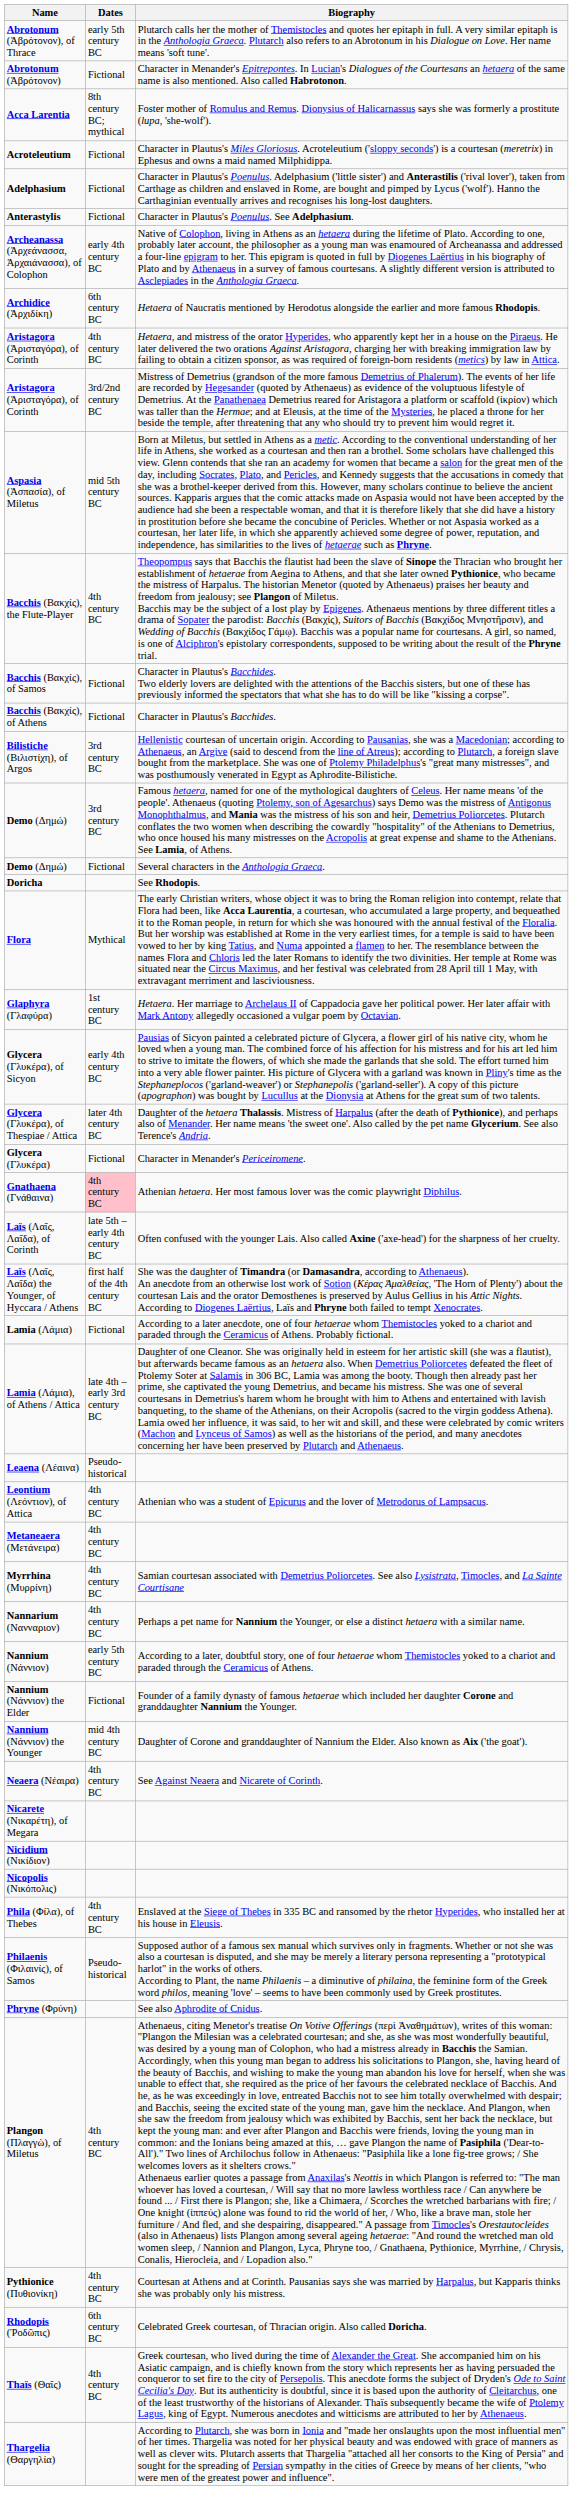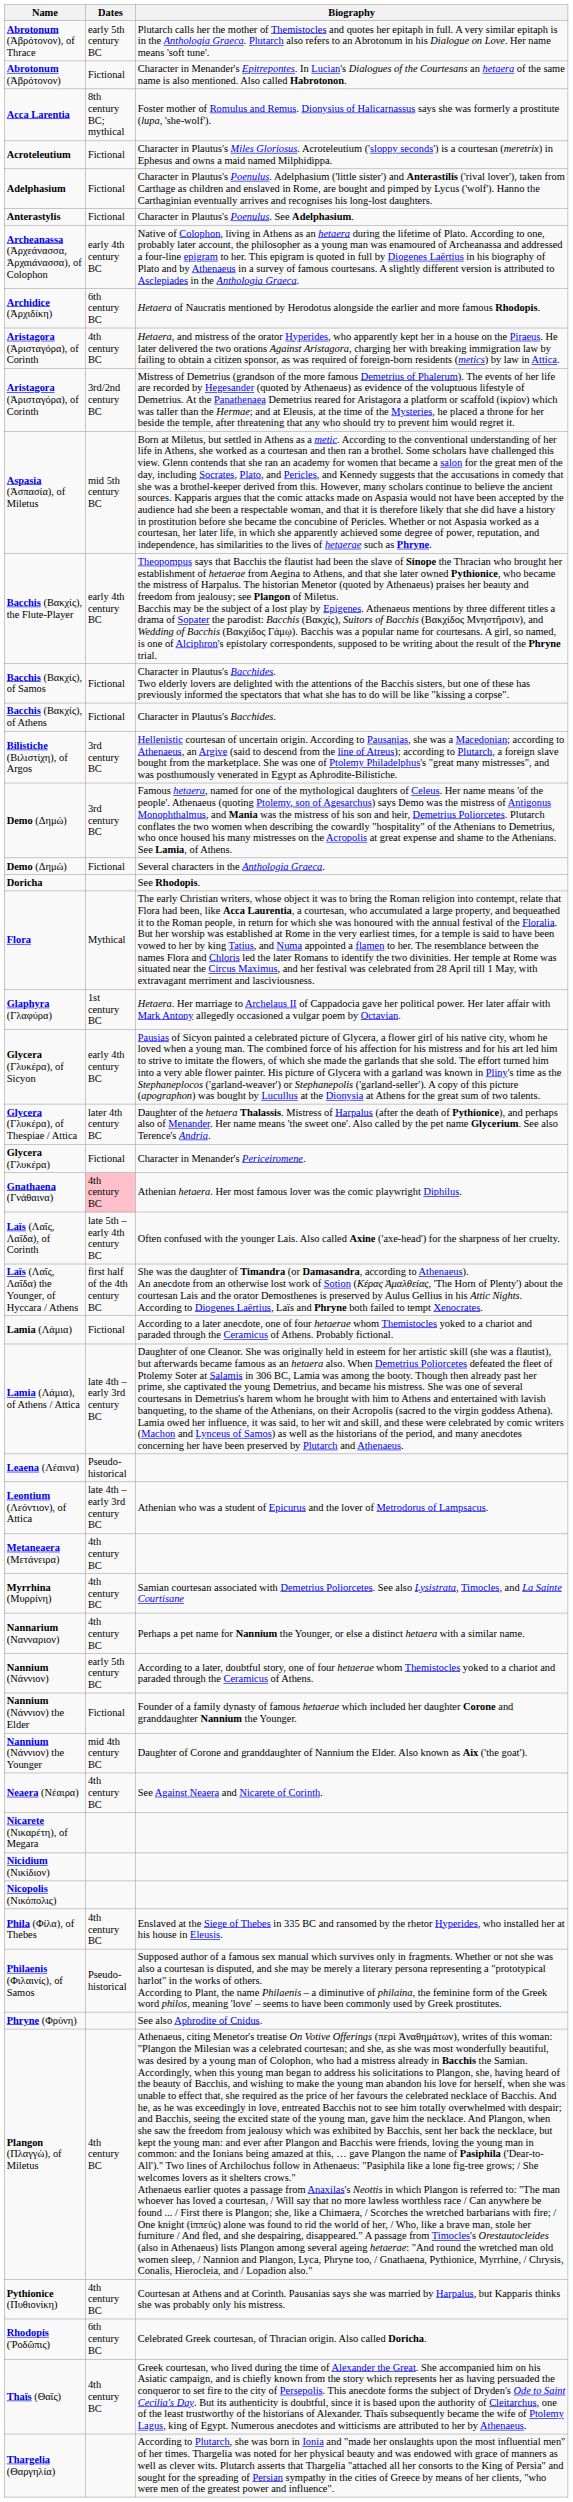 <table class="wikitable">
 <tr>
 <th>Name</th>
 <th>Dates</th>
 <th>Biography</th>
 </tr>
 <tr>
 <td><strong><a href='#'>Abrotonum</a></strong> (Ἀβρότονον), of Thrace</td>
 <td>early 5th century BC</td>
 <td>Plutarch calls her the mother of <a href='#'>Themistocles</a> and quotes her epitaph in full. A very similar epitaph is in the <em><a href='#'>Anthologia Graeca</a>.</em> <a href='#'>Plutarch</a> also refers to an Abrotonum in his <em>Dialogue on Love</em>. Her name means 'soft tune'.</td>
 </tr>
 <tr>
 <td><strong><a href='#'>Abrotonum</a></strong> (Ἀβρότονον)</td>
 <td>Fictional</td>
 <td>Character in Menander's <em><a href='#'>Epitrepontes</a>.</em> In <a href='#'>Lucian</a>'s <em>Dialogues of the Courtesans</em> an <em><a href='#'>hetaera</a></em> of the same name is also mentioned. Also called <strong>Habrotonon</strong>.</td>
 </tr>
 <tr>
 <td><strong><a href='#'>Acca Larentia</a></strong></td>
 <td>8th century BC; mythical</td>
 <td>Foster mother of <a href='#'>Romulus and Remus</a>. <a href='#'>Dionysius of Halicarnassus</a> says she was formerly a prostitute (<em>lupa</em>, 'she-wolf').</td>
 </tr>
 <tr>
 <td><strong>Acroteleutium</strong></td>
 <td>Fictional</td>
 <td>Character in Plautus's <a href='#'><em>Miles Gloriosus</em></a>. Acroteleutium ('<a href='#'>sloppy seconds</a>') is a courtesan (<em>meretrix</em>) in Ephesus and owns a maid named Milphidippa.</td>
 </tr>
 <tr>
 <td><strong>Adelphasium</strong></td>
 <td>Fictional</td>
 <td>Character in Plautus's <em><a href='#'>Poenulus</a></em>. Adelphasium ('little sister') and <strong>Anterastilis</strong> ('rival lover'), taken from Carthage as children and enslaved in Rome, are bought and pimped by Lycus ('wolf'). Hanno the Carthaginian eventually arrives and recognises his long-lost daughters.</td>
 </tr>
 <tr>
 <td><strong>Anterastylis</strong></td>
 <td>Fictional</td>
 <td>Character in Plautus's <em><a href='#'>Poenulus</a></em>. See <strong>Adelphasium</strong>.</td>
 </tr>
 <tr>
 <td><strong><a href='#'>Archeanassa</a></strong> (Ἀρχεάνασσα, Ἀρχαιάνασσα), of Colophon</td>
 <td>early 4th century BC</td>
 <td>Native of <a href='#'>Colophon</a>, living in Athens as an <em><a href='#'>hetaera</a></em> during the lifetime of Plato. According to one, probably later account, the philosopher as a young man was enamoured of Archeanassa and addressed a four-line <a href='#'>epigram</a> to her. This epigram is quoted in full by <a href='#'>Diogenes Laërtius</a> in his biography of Plato and by <a href='#'>Athenaeus</a> in a survey of famous courtesans. A slightly different version is attributed to <a href='#'>Asclepiades</a> in the <em><a href='#'>Anthologia Graeca</a></em>.</td>
 </tr>
 <tr>
 <td><strong><a href='#'>Archidice</a></strong> (Ἀρχιδίκη)</td>
 <td>6th century BC</td>
 <td><em>Hetaera</em> of Naucratis mentioned by Herodotus alongside the earlier and more famous <strong>Rhodopis</strong>.</td>
 </tr>
 <tr>
 <td><strong><a href='#'>Aristagora</a></strong> (Ἀρισταγόρα), of Corinth</td>
 <td>4th century BC</td>
 <td><em>Hetaera</em>, and mistress of the orator <a href='#'>Hyperides</a>, who apparently kept her in a house on the <a href='#'>Piraeus</a>. He later delivered the two orations <em>Against Aristagora</em>, charging her with breaking immigration law by failing to obtain a citizen sponsor, as was required of foreign-born residents (<em><a href='#'>metics</a></em>) by law in <a href='#'>Attica</a>.</td>
 </tr>
 <tr>
 <td><strong><a href='#'>Aristagora</a></strong> (Ἀρισταγόρα), of Corinth</td>
 <td>3rd/2nd century BC</td>
 <td>Mistress of Demetrius (grandson of the more famous <a href='#'>Demetrius of Phalerum</a>). The events of her life are recorded by <a href='#'>Hegesander</a> (quoted by Athenaeus) as evidence of the voluptuous lifestyle of Demetrius. At the <a href='#'>Panathenaea</a> Demetrius reared for Aristagora a platform or scaffold (ἰκρίον) which was taller than the <em>Hermae</em>; and at Eleusis, at the time of the <a href='#'>Mysteries</a>, he placed a throne for her beside the temple, after threatening that any who should try to prevent him would regret it.</td>
 </tr>
 <tr>
 <td><strong><a href='#'>Aspasia</a></strong> (Ἀσπασία), of Miletus</td>
 <td>mid 5th century BC</td>
 <td>Born at Miletus, but settled in Athens as a <em><a href='#'>metic</a></em>. According to the conventional understanding of her life in Athens, she worked as a courtesan and then ran a brothel. Some scholars have challenged this view. Glenn contends that she ran an academy for women that became a <a href='#'>salon</a> for the great men of the day, including <a href='#'>Socrates</a>, <a href='#'>Plato</a>, and <a href='#'>Pericles</a>, and Kennedy suggests that the accusations in comedy that she was a brothel-keeper derived from this. However, many scholars continue to believe the ancient sources. Kapparis argues that the comic attacks made on Aspasia would not have been accepted by the audience had she been a respectable woman, and that it is therefore likely that she did have a history in prostitution before she became the concubine of Pericles. Whether or not Aspasia worked as a courtesan, her later life, in which she apparently achieved some degree of power, reputation, and independence, has similarities to the lives of <em><a href='#'>hetaerae</a></em> such as <strong><a href='#'>Phryne</a></strong>.</td>
 </tr>
 <tr>
 <td><a href='#'><strong>Bacchis</strong></a> (Βακχίς), the Flute-Player</td>
-<td>4th century BC</td>
+<td>early 4th century BC</td>
 <td><a href='#'>Theopompus</a> says that Bacchis the flautist had been the slave of <strong>Sinope</strong> the Thracian who brought her establishment of <em>hetaerae</em> from Aegina to Athens, and that she later owned <strong>Pythionice</strong>, who became the mistress of Harpalus. The historian Menetor (quoted by Athenaeus) praises her beauty and freedom from jealousy; see <strong>Plangon</strong> of Miletus. <br>Bacchis may be the subject of a lost play by <a href='#'>Epigenes</a>. Athenaeus mentions by three different titles a drama of <a href='#'>Sopater</a> the parodist: <em>Bacchis</em> (Βακχίς), <em>Suitors of Bacchis</em> (Βακχίδος Μνηστῆρσιν), and <em>Wedding of Bacchis</em> (Βακχίδος Γάμῳ). Bacchis was a popular name for courtesans. A girl, so named, is one of <a href='#'>Alciphron</a>'s epistolary correspondents, supposed to be writing about the result of the <strong>Phryne</strong> trial.</td>
 </tr>
 <tr>
 <td><a href='#'><strong>Bacchis</strong></a> (Βακχίς), of Samos</td>
 <td>Fictional</td>
 <td>Character in Plautus's <em><a href='#'>Bacchides</a></em>.<br>Two elderly lovers are delighted with the attentions of the Bacchis sisters, but one of these has previously informed the spectators that what she has to do will be like "kissing a corpse".</td>
 </tr>
 <tr>
 <td><a href='#'><strong>Bacchis</strong></a> (Βακχίς), of Athens</td>
 <td>Fictional</td>
 <td>Character in Plautus's <em>Bacchides</em>.</td>
 </tr>
 <tr>
 <td><strong><a href='#'>Bilistiche</a></strong> (Βιλιστίχη), of Argos</td>
 <td>3rd century BC</td>
 <td><a href='#'>Hellenistic</a> courtesan of uncertain origin. According to <a href='#'>Pausanias</a>, she was a <a href='#'>Macedonian</a>; according to <a href='#'>Athenaeus</a>, an <a href='#'>Argive</a> (said to descend from the <a href='#'>line of Atreus</a>); according to <a href='#'>Plutarch</a>, a foreign slave bought from the marketplace. She was one of <a href='#'>Ptolemy Philadelphus</a>'s "great many mistresses", and was posthumously venerated in Egypt as Aphrodite-Bilistiche.</td>
 </tr>
 <tr>
 <td><strong>Demo</strong> (Δημώ)</td>
 <td>3rd century BC</td>
 <td>Famous <a href='#'><em>hetaera</em></a>, named for one of the mythological daughters of <a href='#'>Celeus</a>. Her name means 'of the people'. Athenaeus (quoting <a href='#'>Ptolemy, son of Agesarchus</a>) says Demo was the mistress of <a href='#'>Antigonus Monophthalmus</a>, and <strong>Mania</strong> was the mistress of his son and heir, <a href='#'>Demetrius Poliorcetes</a>. Plutarch conflates the two women when describing the cowardly "hospitality" of the Athenians to Demetrius, who once housed his many mistresses on the <a href='#'>Acropolis</a> at great expense and shame to the Athenians. See <strong>Lamia</strong>, of Athens.</td>
 </tr>
 <tr>
 <td><strong>Demo</strong> (Δημώ)</td>
 <td>Fictional</td>
 <td>Several characters in the <em><a href='#'>Anthologia Graeca</a></em>.</td>
 </tr>
 <tr>
 <td><strong>Doricha</strong></td>
 <td></td>
 <td>See <strong>Rhodopis</strong>.</td>
 </tr>
 <tr>
 <td><strong><a href='#'>Flora</a></strong></td>
 <td>Mythical</td>
 <td>The early Christian writers, whose object it was to bring the Roman religion into contempt, relate that Flora had been, like <strong>Acca Laurentia</strong>, a courtesan, who accumulated a large property, and bequeathed it to the Roman people, in return for which she was honoured with the annual festival of the <a href='#'>Floralia</a>. But her worship was established at Rome in the very earliest times, for a temple is said to have been vowed to her by king <a href='#'>Tatius</a>, and <a href='#'>Numa</a> appointed a <a href='#'>flamen</a> to her. The resemblance between the names Flora and <a href='#'>Chloris</a> led the later Romans to identify the two divinities. Her temple at Rome was situated near the <a href='#'>Circus Maximus</a>, and her festival was celebrated from 28 April till 1 May, with extravagant merriment and lasciviousness.</td>
 </tr>
 <tr>
 <td><a href='#'><strong>Glaphyra</strong></a> (Γλαφύρα)</td>
 <td>1st century BC</td>
 <td><em>Hetaera</em>. Her marriage to <a href='#'>Archelaus II</a> of Cappadocia gave her political power. Her later affair with <a href='#'>Mark Antony</a> allegedly occasioned a vulgar poem by <a href='#'>Octavian</a>.</td>
 </tr>
 <tr>
 <td><strong>Glycera</strong> (Γλυκέρα), of Sicyon</td>
 <td>early 4th century BC</td>
 <td><a href='#'>Pausias</a> of Sicyon painted a celebrated picture of Glycera, a flower girl of his native city, whom he loved when a young man. The combined force of his affection for his mistress and for his art led him to strive to imitate the flowers, of which she made the garlands that she sold. The effort turned him into a very able flower painter. His picture of Glycera with a garland was known in <a href='#'>Pliny</a>'s time as the <em>Stephaneplocos</em> ('garland-weaver') or <em>Stephanepolis</em> ('garland-seller'). A copy of this picture (<em>apographon</em>) was bought by <a href='#'>Lucullus</a> at the <a href='#'>Dionysia</a> at Athens for the great sum of two talents.</td>
 </tr>
 <tr>
 <td><strong><a href='#'>Glycera</a></strong> (Γλυκέρα), of Thespiae / Attica</td>
 <td>later 4th century BC</td>
 <td>Daughter of the <em>hetaera</em> <strong>Thalassis</strong>. Mistress of <a href='#'>Harpalus</a> (after the death of <strong>Pythionice</strong>), and perhaps also of <a href='#'>Menander</a>. Her name means 'the sweet one'. Also called by the pet name <strong>Glycerium</strong>. See also Terence's <a href='#'><em>Andria</em></a>.</td>
 </tr>
 <tr>
 <td><strong>Glycera</strong> (Γλυκέρα)</td>
 <td>Fictional</td>
 <td>Character in Menander's <em><a href='#'>Periceiromene</a></em>.</td>
 </tr>
 <tr>
 <td><strong><a href='#'>Gnathaena</a></strong> (Γνάθαινα)</td>
 <td style="background: pink;">4th century BC</td>
 <td>Athenian <em>hetaera</em>. Her most famous lover was the comic playwright <a href='#'>Diphilus</a>.</td>
 </tr>
 <tr>
 <td><a href='#'><strong>Laïs</strong></a> (Λαΐς, Λαΐδα), of Corinth</td>
 <td>late 5th – early 4th century BC</td>
 <td>Often confused with the younger Lais. Also called <strong>Axine</strong> ('axe-head') for the sharpness of her cruelty.</td>
 </tr>
 <tr>
 <td><a href='#'><strong>Laïs</strong></a> (Λαΐς, Λαΐδα) the Younger, of Hyccara / Athens</td>
 <td>first half of the 4th century BC</td>
 <td>She was the daughter of <strong>Timandra</strong> (or <strong>Damasandra</strong>, according to <a href='#'>Athenaeus</a>). <br>An anecdote from an otherwise lost work of <a href='#'>Sotion</a> (<em>Κέρας Ἀμαλθείας</em>, 'The Horn of Plenty') about the courtesan Lais and the orator Demosthenes is preserved by Aulus Gellius in his <em>Attic Nights</em>.  According to <a href='#'>Diogenes Laërtius</a>, Laïs and <strong>Phryne</strong> both failed to tempt <a href='#'>Xenocrates</a>.</td>
 </tr>
 <tr>
 <td><strong>Lamia</strong> (Λάμια)</td>
 <td>Fictional</td>
 <td>According to a later anecdote, one of four <em>hetaerae</em> whom <a href='#'>Themistocles</a> yoked to a chariot and paraded through the <a href='#'>Ceramicus</a> of Athens. Probably fictional.</td>
 </tr>
 <tr>
 <td><strong><a href='#'>Lamia</a></strong> (Λάμια), of Athens / Attica</td>
 <td>late 4th – early 3rd century BC</td>
 <td>Daughter of one Cleanor. She was originally held in esteem for her artistic skill (she was a flautist), but afterwards became famous as an <em>hetaera</em> also. When <a href='#'>Demetrius Poliorcetes</a> defeated the fleet of Ptolemy Soter at <a href='#'>Salamis</a> in 306 BC, Lamia was among the booty. Though then already past her prime, she captivated the young Demetrius, and became his mistress. She was one of several courtesans in Demetrius's harem whom he brought with him to Athens and entertained with lavish banqueting, to the shame of the Athenians, on their Acropolis (sacred to the virgin goddess Athena). <br>Lamia owed her influence, it was said, to her wit and skill, and these were celebrated by comic writers (<a href='#'>Machon</a> and <a href='#'>Lynceus of Samos</a>) as well as the historians of the period, and many anecdotes concerning her have been preserved by <a href='#'>Plutarch</a> and <a href='#'>Athenaeus</a>.</td>
 </tr>
 <tr>
 <td><strong><a href='#'>Leaena</a></strong> (Λέαινα)</td>
 <td>Pseudo-historical</td>
 <td></td>
 </tr>
 <tr>
 <td><strong><a href='#'>Leontium</a></strong> (Λεόντιον), of Attica</td>
-<td>4th century BC</td>
+<td>late 4th – early 3rd century BC</td>
 <td>Athenian  who was a student of <a href='#'>Epicurus</a> and the lover of <a href='#'>Metrodorus of Lampsacus</a>.</td>
 </tr>
 <tr>
 <td><strong><a href='#'>Metaneaera</a></strong> (Μετάνειρα)</td>
 <td>4th century BC</td>
 <td></td>
 </tr>
 <tr>
 <td><strong>Myrrhina</strong> (Μυρρίνη)</td>
 <td>4th century BC</td>
 <td>Samian courtesan associated with <a href='#'>Demetrius Poliorcetes</a>. See also <em><a href='#'>Lysistrata</a></em>, <a href='#'>Timocles</a>, and <em><a href='#'>La Sainte Courtisane</a></em></td>
 </tr>
 <tr>
 <td><strong>Nannarium</strong> (Νανναριον)</td>
 <td>4th century BC</td>
 <td>Perhaps a pet name for <strong>Nannium</strong> the Younger, or else a distinct <em>hetaera</em> with a similar name.</td>
 </tr>
 <tr>
 <td><strong>Nannium</strong> (Νάννιον)</td>
 <td>early 5th century BC</td>
 <td>According to a later, doubtful story, one of four <em>hetaerae</em> whom <a href='#'>Themistocles</a> yoked to a chariot and paraded through the <a href='#'>Ceramicus</a> of Athens.</td>
 </tr>
 <tr>
 <td><strong>Nannium</strong> (Νάννιον) the Elder</td>
 <td>Fictional</td>
 <td>Founder of a family dynasty of famous <em>hetaerae</em> which included her daughter <strong>Corone</strong> and granddaughter <strong>Nannium</strong> the Younger.</td>
 </tr>
 <tr>
 <td><strong><a href='#'>Nannium</a></strong> (Νάννιον) the Younger</td>
 <td>mid 4th century BC</td>
 <td>Daughter of Corone and granddaughter of Nannium the Elder. Also known as <strong>Aix</strong> ('the goat').</td>
 </tr>
 <tr>
 <td><a href='#'><strong>Neaera</strong></a> (Νέαιρα)</td>
 <td>4th century BC</td>
 <td>See <a href='#'>Against Neaera</a> and <a href='#'>Nicarete of Corinth</a>.</td>
 </tr>
 <tr>
 <td><a href='#'><strong>Nicarete</strong></a> (Νικαρέτη), of Megara</td>
 <td></td>
 <td></td>
 </tr>
 <tr>
 <td><strong><a href='#'>Nicidium</a></strong> (Νικίδιον)</td>
 <td></td>
 <td></td>
 </tr>
 <tr>
 <td><a href='#'><strong>Nicopolis</strong></a> (Νικόπολις)</td>
 <td></td>
 <td></td>
 </tr>
 <tr>
 <td><a href='#'><strong>Phila</strong></a> (Φίλα), of Thebes</td>
 <td>4th century BC</td>
 <td>Enslaved at the <a href='#'>Siege of Thebes</a> in 335 BC and ransomed by the rhetor <a href='#'>Hyperides</a>, who installed her at his house in <a href='#'>Eleusis</a>.</td>
 </tr>
 <tr>
 <td><strong><a href='#'>Philaenis</a></strong> (Φιλαινίς), of Samos</td>
 <td>Pseudo-historical</td>
 <td>Supposed author of a famous sex manual which survives only in fragments. Whether or not she was also a courtesan is disputed, and she may be merely a literary persona representing a "prototypical harlot" in the works of others.<br>According to Plant, the name <em>Philaenis</em> – a diminutive of <em>philaina</em>, the feminine form of the Greek word <em>philos</em>, meaning 'love' – seems to have been commonly used by Greek prostitutes.</td>
 </tr>
 <tr>
 <td><strong><a href='#'>Phryne</a></strong> (Φρύνη)</td>
 <td></td>
 <td>See also <a href='#'>Aphrodite of Cnidus</a>.</td>
 </tr>
 <tr>
 <td><strong>Plangon</strong> (Πλαγγὼ), of Miletus</td>
 <td>4th century BC</td>
 <td>Athenaeus, citing Menetor's treatise <em>On Votive Offerings</em> (περὶ Ἀναθημάτων), writes of this woman: "Plangon the Milesian was a celebrated courtesan; and she, as she was most wonderfully beautiful, was desired by a young man of Colophon, who had a mistress already in <strong>Bacchis</strong> the Samian. Accordingly, when this young man began to address his solicitations to Plangon, she, having heard of the beauty of Bacchis, and wishing to make the young man abandon his love for herself, when she was unable to effect that, she required as the price of her favours the celebrated necklace of Bacchis. And he, as he was exceedingly in love, entreated Bacchis not to see him totally overwhelmed with despair; and Bacchis, seeing the excited state of the young man, gave him the necklace. And Plangon, when she saw the freedom from jealousy which was exhibited by Bacchis, sent her back the necklace, but kept the young man: and ever after Plangon and Bacchis were friends, loving the young man in common: and the Ionians being amazed at this, … gave Plangon the name of <strong>Pasiphila</strong> ('Dear-to-All')." Two lines of Archilochus follow in Athenaeus: "Pasiphila like a lone fig-tree grows; / She welcomes lovers as it shelters crows."<br>Athenaeus earlier quotes a passage from <a href='#'>Anaxilas</a>'s <em>Neottis</em> in which Plangon is referred to: "The man whoever has loved a courtesan, / Will say that no more lawless worthless race / Can anywhere be found ... / First there is Plangon; she, like a Chimaera, / Scorches the wretched barbarians with fire; / One knight (ἱππεύς) alone was found to rid the world of her, / Who, like a brave man, stole her furniture / And fled, and she despairing, disappeared." A passage from <a href='#'>Timocles</a>'s <em>Orestautocleides</em> (also in Athenaeus) lists Plangon among several ageing <em>hetaerae</em>: "And round the wretched man old women sleep, / Nannion and Plangon, Lyca, Phryne too, / Gnathaena, Pythionice, Myrrhine, / Chrysis, Conalis, Hierocleia, and / Lopadion also."</td>
 </tr>
 <tr>
 <td><strong>Pythionice</strong> (Πυθιονίκη)</td>
 <td>4th century BC</td>
 <td>Courtesan at Athens and at Corinth. Pausanias says she was married by <a href='#'>Harpalus</a>, but Kapparis thinks she was probably only his mistress.</td>
 </tr>
 <tr>
 <td><a href='#'><strong>Rhodopis</strong></a> (Ῥοδῶπις)</td>
 <td>6th century BC</td>
 <td>Celebrated Greek courtesan, of Thracian origin. Also called <strong>Doricha</strong>.</td>
 </tr>
 <tr>
 <td><strong><a href='#'>Thaïs</a></strong> (Θαΐς)</td>
 <td>4th century BC</td>
 <td>Greek courtesan, who lived during the time of <a href='#'>Alexander the Great</a>. She accompanied him on his Asiatic campaign, and is chiefly known from the story which represents her as having persuaded the conqueror to set fire to the city of <a href='#'>Persepolis</a>. This anecdote forms the subject of Dryden's <a href='#'><em>Ode</em> <em>to Saint Cecilia's Day</em></a>. But its authenticity is doubtful, since it is based upon the authority of <a href='#'>Cleitarchus</a>, one of the least trustworthy of the historians of Alexander. Thaïs subsequently became the wife of <a href='#'>Ptolemy Lagus</a>, king of Egypt. Numerous anecdotes and witticisms are attributed to her by <a href='#'>Athenaeus</a>.</td>
 </tr>
 <tr>
 <td><a href='#'><strong>Thargelia</strong></a> (Θαργηλία)</td>
 <td></td>
 <td>According to <a href='#'>Plutarch</a>, she was born in <a href='#'>Ionia</a> and "made her onslaughts upon the most influential men" of her times. Thargelia was noted for her physical beauty and was endowed with grace of manners as well as clever wits. Plutarch asserts that Thargelia "attached all her consorts to the King of Persia" and sought for the spreading of <a href='#'>Persian</a> sympathy in the cities of Greece by means of her clients, "who were men of the greatest power and influence".</td>
 </tr>
 </table>
